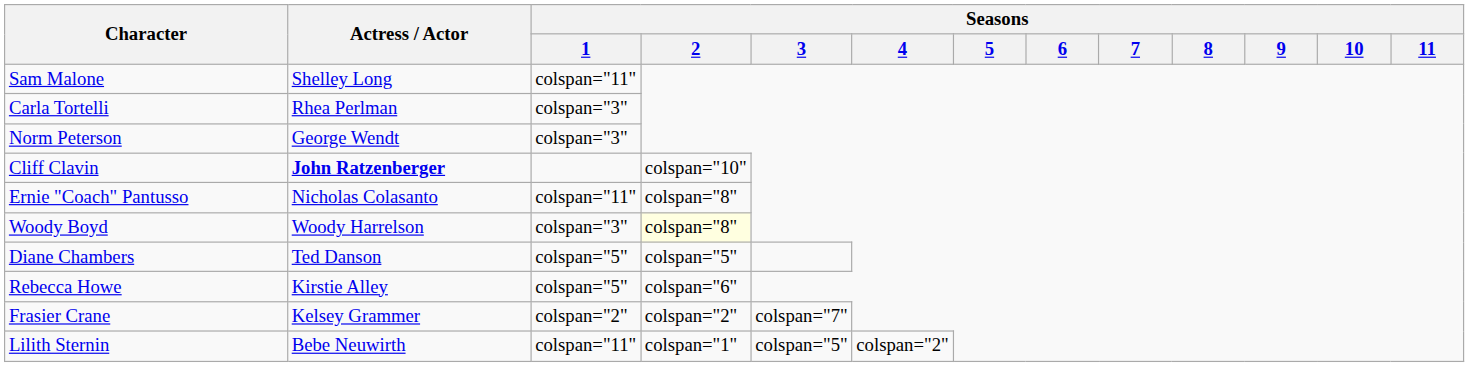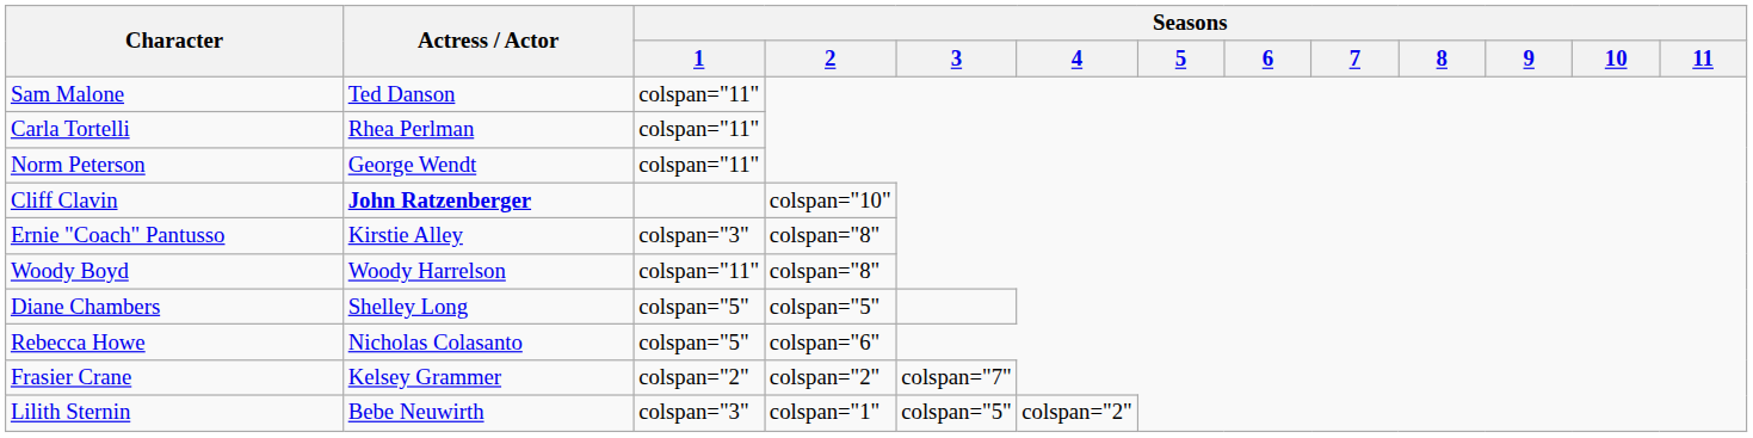 <table class="wikitable">
 <tr>
 <th ! rowspan="2">Character</th>
 <th ! rowspan="2">Actress / Actor</th>
 <th ! colspan="11">Seasons</th>
 </tr>
 <tr>
 <th ! style="width:5%;"><a href='#'>1</a></th>
 <th ! style="width:5%;"><a href='#'>2</a></th>
 <th ! style="width:5%;"><a href='#'>3</a></th>
 <th ! style="width:5%;"><a href='#'>4</a></th>
 <th ! style="width:5%;"><a href='#'>5</a></th>
 <th ! style="width:5%;"><a href='#'>6</a></th>
 <th ! style="width:5%;"><a href='#'>7</a></th>
 <th ! style="width:5%;"><a href='#'>8</a></th>
 <th ! style="width:5%;"><a href='#'>9</a></th>
 <th ! style="width:5%;"><a href='#'>10</a></th>
 <th ! style="width:5%;"><a href='#'>11</a></th>
 </tr>
 <tr>
 <td><a href='#'>Sam Malone</a></td>
-<td><a href='#'>Shelley Long</a></td>
+<td><a href='#'>Ted Danson</a></td>
 <td>colspan="11" </td>
 </tr>
 <tr>
 <td><a href='#'>Carla Tortelli</a></td>
 <td><a href='#'>Rhea Perlman</a></td>
-<td>colspan="3" </td>
+<td>colspan="11" </td>
 </tr>
 <tr>
 <td><a href='#'>Norm Peterson</a></td>
 <td><a href='#'>George Wendt</a></td>
-<td>colspan="3" </td>
+<td>colspan="11" </td>
 </tr>
 <tr>
 <td><a href='#'>Cliff Clavin</a></td>
 <td><strong><a href='#'>John Ratzenberger</a></strong></td>
 <td></td>
 <td>colspan="10" </td>
 </tr>
 <tr>
 <td><a href='#'>Ernie "Coach" Pantusso</a></td>
-<td><a href='#'>Nicholas Colasanto</a></td>
-<td>colspan="11" </td>
+<td><a href='#'>Kirstie Alley</a></td>
+<td>colspan="3" </td>
 <td>colspan="8" </td>
 </tr>
 <tr>
 <td><a href='#'>Woody Boyd</a></td>
 <td><a href='#'>Woody Harrelson</a></td>
-<td>colspan="3" </td>
-<td style="background: lightyellow;">colspan="8" </td>
+<td>colspan="11" </td>
+<td>colspan="8" </td>
 </tr>
 <tr>
 <td><a href='#'>Diane Chambers</a></td>
-<td><a href='#'>Ted Danson</a></td>
+<td><a href='#'>Shelley Long</a></td>
 <td>colspan="5" </td>
 <td>colspan="5" </td>
 <td></td>
 </tr>
 <tr>
 <td><a href='#'>Rebecca Howe</a></td>
-<td><a href='#'>Kirstie Alley</a></td>
+<td><a href='#'>Nicholas Colasanto</a></td>
 <td>colspan="5" </td>
 <td>colspan="6" </td>
 </tr>
 <tr>
 <td><a href='#'>Frasier Crane</a></td>
 <td><a href='#'>Kelsey Grammer</a></td>
 <td>colspan="2" </td>
 <td>colspan="2" </td>
 <td>colspan="7" </td>
 </tr>
 <tr>
 <td><a href='#'>Lilith Sternin</a></td>
 <td><a href='#'>Bebe Neuwirth</a></td>
-<td>colspan="11" </td>
+<td>colspan="3" </td>
 <td>colspan="1" </td>
 <td>colspan="5" </td>
 <td>colspan="2" </td>
 </tr>
 </table>
